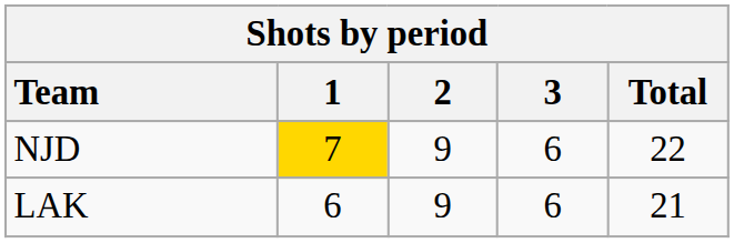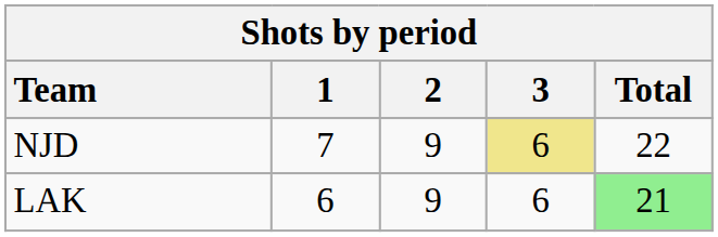 <table class="wikitable" style="width:20em; text-align:right;">
 <tr>
 <th colspan=6>Shots by period</th>
 </tr>
 <tr>
 <th style="width:8em; text-align:left;">Team</th>
 <th style="width:3em;">1</th>
 <th style="width:3em;">2</th>
 <th style="width:3em;">3</th>
 <th style="width:3em;">Total</th>
 </tr>
 <tr style="text-align:center;">
 <td style="text-align:left;">NJD</td>
-<td style="background: gold;">7</td>
+<td>7</td>
 <td>9</td>
-<td>6</td>
+<td style="background: khaki;">6</td>
 <td>22</td>
 </tr>
 <tr style="text-align:center;">
 <td style="text-align:left;">LAK</td>
 <td>6</td>
 <td>9</td>
 <td>6</td>
-<td>21</td>
+<td style="background: lightgreen;">21</td>
 </tr>
 </table>
